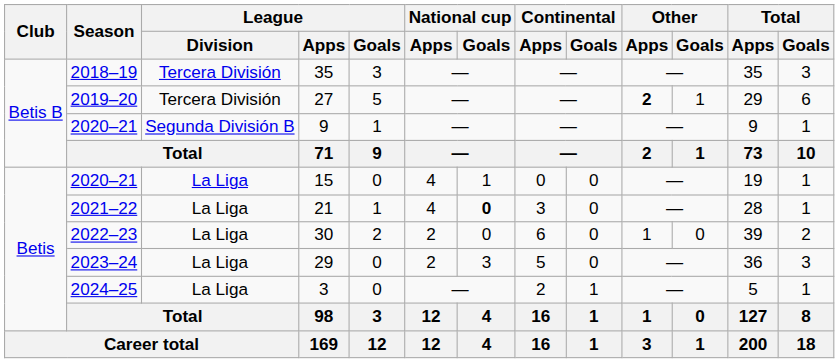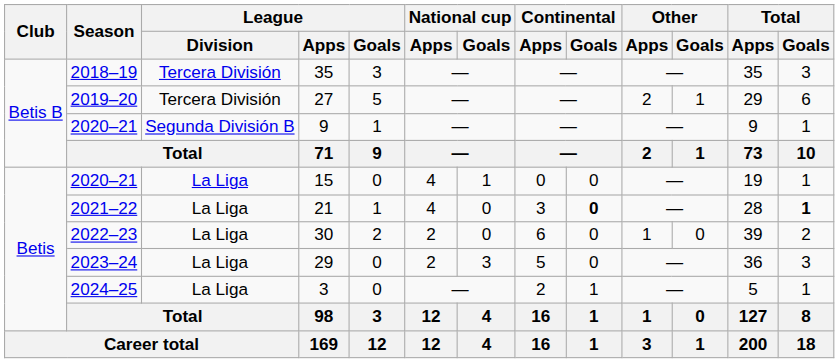 <table class="wikitable" style="text-align:center">
 <tr>
 <th rowspan="2">Club</th>
 <th rowspan="2">Season</th>
 <th colspan="3">League</th>
 <th colspan="2">National cup</th>
 <th colspan="2">Continental</th>
 <th colspan="2">Other</th>
 <th colspan="2">Total</th>
 </tr>
 <tr>
 <th>Division</th>
 <th>Apps</th>
 <th>Goals</th>
 <th>Apps</th>
 <th>Goals</th>
 <th>Apps</th>
 <th>Goals</th>
 <th>Apps</th>
 <th>Goals</th>
 <th>Apps</th>
 <th>Goals</th>
 </tr>
 <tr>
 <td rowspan="4"><a href='#'>Betis B</a></td>
 <td><a href='#'>2018–19</a></td>
 <td><a href='#'>Tercera División</a></td>
 <td>35</td>
 <td>3</td>
 <td colspan="2">—</td>
 <td colspan="2">—</td>
 <td colspan="2">—</td>
 <td>35</td>
 <td>3</td>
 </tr>
 <tr>
 <td><a href='#'>2019–20</a></td>
 <td>Tercera División</td>
 <td>27</td>
 <td>5</td>
 <td colspan="2">—</td>
 <td colspan="2">—</td>
-<td><strong>2</strong></td>
+<td>2</td>
 <td>1</td>
 <td>29</td>
 <td>6</td>
 </tr>
 <tr>
 <td><a href='#'>2020–21</a></td>
 <td><a href='#'>Segunda División B</a></td>
 <td>9</td>
 <td>1</td>
 <td colspan="2">—</td>
 <td colspan="2">—</td>
 <td colspan="2">—</td>
 <td>9</td>
 <td>1</td>
 </tr>
 <tr>
 <th colspan="2">Total</th>
 <th>71</th>
 <th>9</th>
 <th colspan="2">—</th>
 <th colspan="2">—</th>
 <th>2</th>
 <th>1</th>
 <th>73</th>
 <th>10</th>
 </tr>
 <tr>
 <td rowspan="6"><a href='#'>Betis</a></td>
 <td><a href='#'>2020–21</a></td>
 <td><a href='#'>La Liga</a></td>
 <td>15</td>
 <td>0</td>
 <td>4</td>
 <td>1</td>
 <td>0</td>
 <td>0</td>
 <td colspan="2">—</td>
 <td>19</td>
 <td>1</td>
 </tr>
 <tr>
 <td><a href='#'>2021–22</a></td>
 <td>La Liga</td>
 <td>21</td>
 <td>1</td>
 <td>4</td>
+<td>0</td>
+<td>3</td>
 <td><strong>0</strong></td>
-<td>3</td>
-<td>0</td>
 <td colspan="2">—</td>
 <td>28</td>
-<td>1</td>
+<td><strong>1</strong></td>
 </tr>
 <tr>
 <td><a href='#'>2022–23</a></td>
 <td>La Liga</td>
 <td>30</td>
 <td>2</td>
 <td>2</td>
 <td>0</td>
 <td>6</td>
 <td>0</td>
 <td>1</td>
 <td>0</td>
 <td>39</td>
 <td>2</td>
 </tr>
 <tr>
 <td><a href='#'>2023–24</a></td>
 <td>La Liga</td>
 <td>29</td>
 <td>0</td>
 <td>2</td>
 <td>3</td>
 <td>5</td>
 <td>0</td>
 <td colspan="2">—</td>
 <td>36</td>
 <td>3</td>
 </tr>
 <tr>
 <td><a href='#'>2024–25</a></td>
 <td>La Liga</td>
 <td>3</td>
 <td>0</td>
 <td colspan="2">—</td>
 <td>2</td>
 <td>1</td>
 <td colspan="2">—</td>
 <td>5</td>
 <td>1</td>
 </tr>
 <tr>
 <th colspan="2">Total</th>
 <th>98</th>
 <th>3</th>
 <th>12</th>
 <th>4</th>
 <th>16</th>
 <th>1</th>
 <th>1</th>
 <th>0</th>
 <th>127</th>
 <th>8</th>
 </tr>
 <tr>
 <th colspan="3">Career total</th>
 <th>169</th>
 <th>12</th>
 <th>12</th>
 <th>4</th>
 <th>16</th>
 <th>1</th>
 <th>3</th>
 <th>1</th>
 <th>200</th>
 <th>18</th>
 </tr>
 </table>
